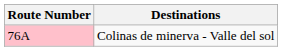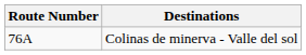 <table class="wikitable">
 <tr>
 <th>Route Number</th>
 <th>Destinations</th>
 </tr>
 <tr>
-<td style="background: pink;">76A</td>
+<td>76A</td>
 <td>Colinas de minerva - Valle del sol</td>
 </tr>
 </table>
